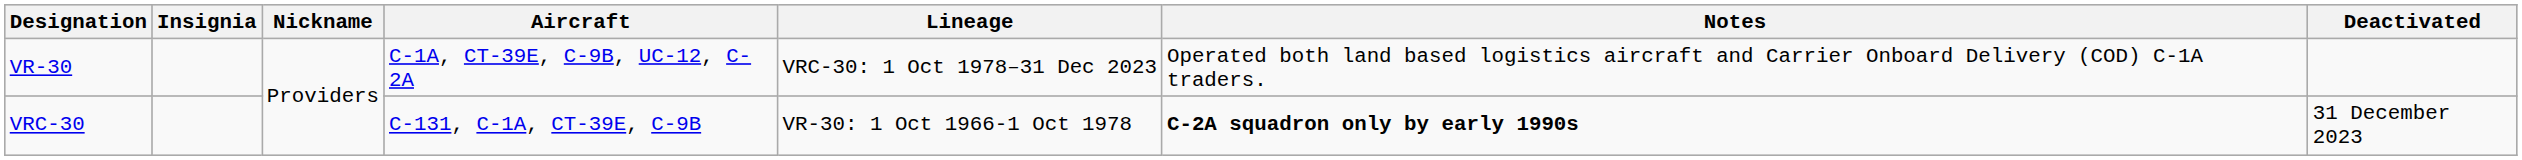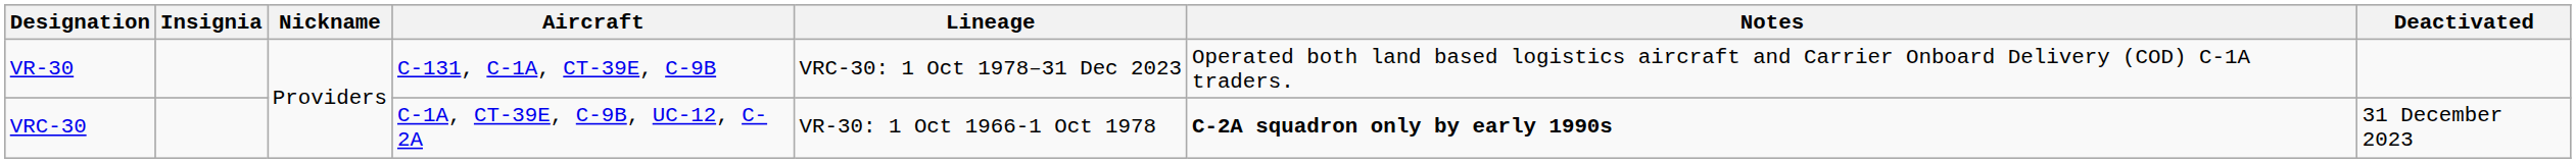 <table class="wikitable">
 <tr>
 <th>Designation</th>
 <th>Insignia</th>
 <th>Nickname</th>
 <th>Aircraft</th>
 <th>Lineage</th>
 <th>Notes</th>
 <th>Deactivated</th>
 </tr>
 <tr>
 <td><a href='#'>VR-30</a></td>
 <td></td>
 <td Rowspan="2">Providers</td>
-<td><a href='#'>C-1A</a>, <a href='#'>CT-39E</a>, <a href='#'>C-9B</a>, <a href='#'>UC-12</a>, <a href='#'>C-2A</a></td>
+<td><a href='#'>C-131</a>, <a href='#'>C-1A</a>, <a href='#'>CT-39E</a>, <a href='#'>C-9B</a></td>
 <td style="white-space: nowrap;">VRC-30: 1 Oct 1978–31 Dec 2023</td>
 <td>Operated both land based logistics aircraft and Carrier Onboard Delivery (COD) C-1A traders.</td>
 </tr>
 <tr>
 <td><a href='#'>VRC-30</a></td>
 <td></td>
-<td><a href='#'>C-131</a>, <a href='#'>C-1A</a>, <a href='#'>CT-39E</a>, <a href='#'>C-9B</a></td>
+<td><a href='#'>C-1A</a>, <a href='#'>CT-39E</a>, <a href='#'>C-9B</a>, <a href='#'>UC-12</a>, <a href='#'>C-2A</a></td>
 <td style="white-space: nowrap;">VR-30: 1 Oct 1966-1 Oct 1978</td>
 <td><strong>C-2A squadron only by early 1990s</strong></td>
 <td>31 December 2023</td>
 </tr>
 </table>
